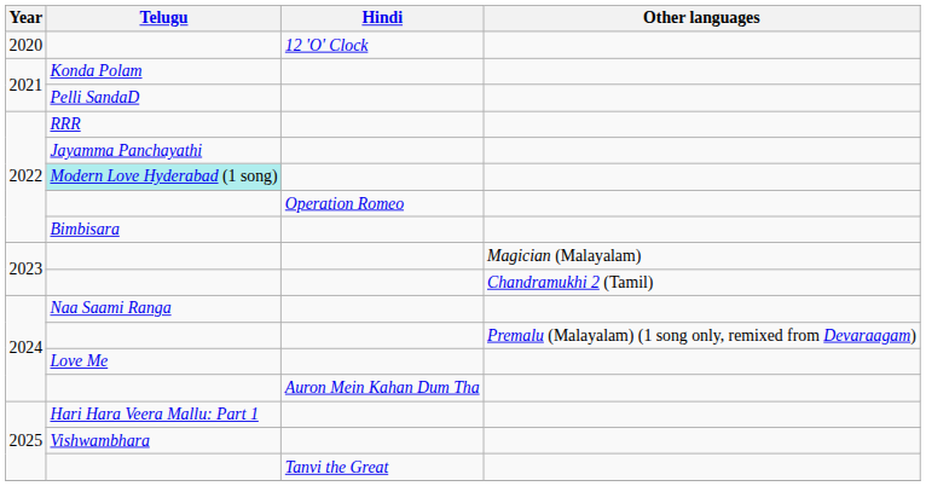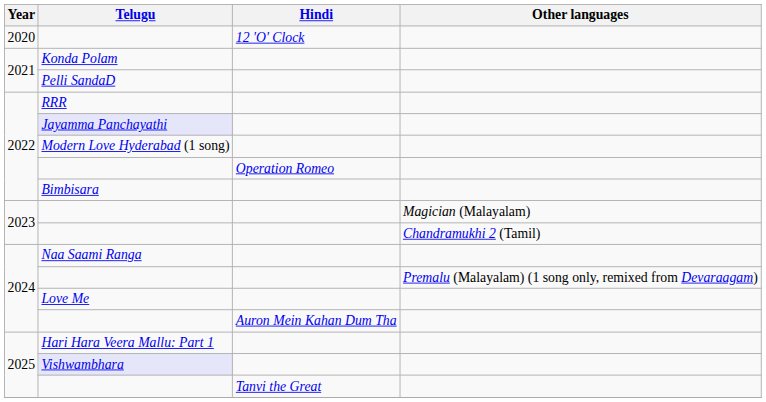 <table class="wikitable sortable">
 <tr>
 <th>Year</th>
 <th><a href='#'>Telugu</a></th>
 <th><a href='#'>Hindi</a></th>
 <th>Other languages</th>
 </tr>
 <tr>
 <td>2020</td>
 <td></td>
 <td><em><a href='#'>12 'O' Clock</a></em></td>
 <td></td>
 </tr>
 <tr>
 <td rowspan="2">2021</td>
 <td><em><a href='#'>Konda Polam</a></em></td>
 <td></td>
 <td></td>
 </tr>
 <tr>
 <td><em><a href='#'>Pelli SandaD</a></em></td>
 <td></td>
 <td></td>
 </tr>
 <tr>
 <td rowspan="5">2022</td>
 <td><a href='#'><em>RRR</em></a></td>
 <td></td>
 <td></td>
 </tr>
 <tr>
-<td><em><a href='#'>Jayamma Panchayathi</a></em></td>
+<td style="background: lavender;"><em><a href='#'>Jayamma Panchayathi</a></em></td>
 <td></td>
 <td></td>
 </tr>
 <tr>
-<td style="background: paleturquoise;"><em><a href='#'>Modern Love Hyderabad</a></em> (1 song)</td>
+<td><em><a href='#'>Modern Love Hyderabad</a></em> (1 song)</td>
 <td></td>
 <td></td>
 </tr>
 <tr>
 <td></td>
 <td><a href='#'><em>Operation Romeo</em></a></td>
 <td></td>
 </tr>
 <tr>
 <td><em><a href='#'>Bimbisara</a></em></td>
 <td></td>
 <td></td>
 </tr>
 <tr>
 <td rowspan="2">2023</td>
 <td></td>
 <td></td>
 <td><em>Magician</em> (Malayalam)</td>
 </tr>
 <tr>
 <td></td>
 <td></td>
 <td><em><a href='#'>Chandramukhi 2</a></em> (Tamil)</td>
 </tr>
 <tr>
 <td rowspan="4">2024</td>
 <td><em><a href='#'>Naa Saami Ranga</a></em></td>
 <td></td>
 <td></td>
 </tr>
 <tr>
 <td></td>
 <td></td>
 <td><em><a href='#'>Premalu</a></em> (Malayalam) (1 song only, remixed from <em><a href='#'>Devaraagam</a></em>)</td>
 </tr>
 <tr>
 <td><a href='#'><em>Love Me</em></a></td>
 <td></td>
 <td></td>
 </tr>
 <tr>
 <td></td>
 <td><em><a href='#'>Auron Mein Kahan Dum Tha</a></em></td>
 <td></td>
 </tr>
 <tr>
 <td rowspan="3">2025</td>
 <td><em><a href='#'>Hari Hara Veera Mallu: Part 1</a></em></td>
 <td></td>
 <td></td>
 </tr>
 <tr>
-<td><em><a href='#'>Vishwambhara</a></em></td>
+<td style="background: lavender;"><em><a href='#'>Vishwambhara</a></em></td>
 <td></td>
 <td></td>
 </tr>
 <tr>
 <td></td>
 <td><em><a href='#'>Tanvi the Great</a></em></td>
 <td></td>
 </tr>
 <tr>
 </tr>
 </table>
